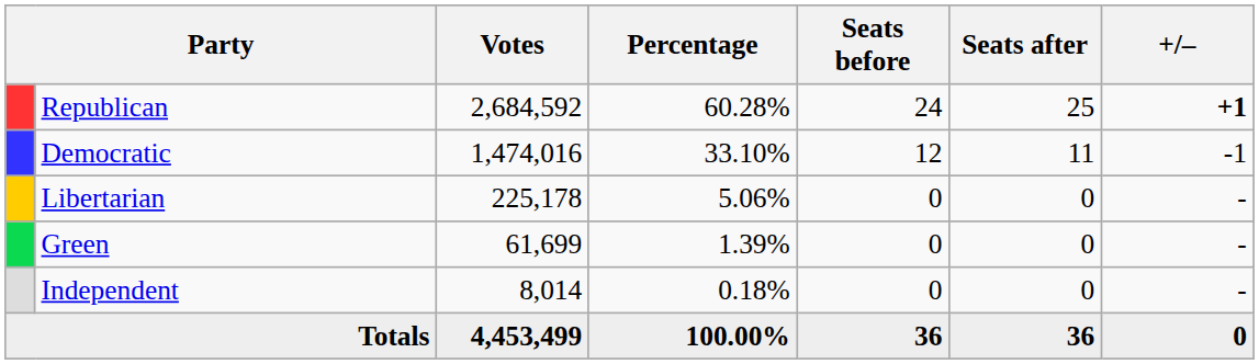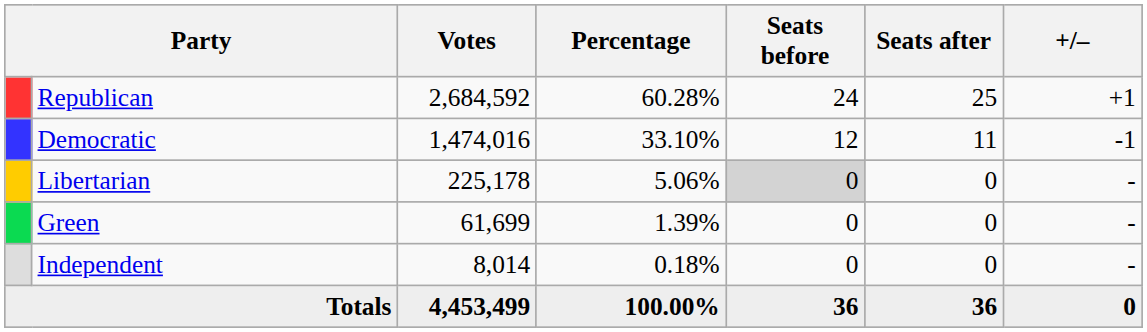 <table class="wikitable" style="font-size: 95%;">
 <tr>
 <th colspan=2 style="width: 15em">Party</th>
 <th style="width: 5em">Votes</th>
 <th style="width: 7em">Percentage</th>
 <th style="width: 5em">Seats before</th>
 <th style="width: 5em">Seats after</th>
 <th style="width: 5em">+/–</th>
 </tr>
 <tr>
 <th style="background:#f33; width:3px;"></th>
 <td style="width: 130px"><a href='#'>Republican</a></td>
 <td style="text-align:right;">2,684,592</td>
 <td style="text-align:right;">60.28%</td>
 <td style="text-align:right;">24</td>
 <td style="text-align:right;">25</td>
-<td style="text-align:right;"><strong>+1</strong></td>
+<td style="text-align:right;">+1</td>
 </tr>
 <tr>
 <th style="background:#33f; width:3px;"></th>
 <td style="width: 130px"><a href='#'>Democratic</a></td>
 <td style="text-align:right;">1,474,016</td>
 <td style="text-align:right;">33.10%</td>
 <td style="text-align:right;">12</td>
 <td style="text-align:right;">11</td>
 <td style="text-align:right;">-1</td>
 </tr>
 <tr>
 <th style="background:#fc0; width:3px;"></th>
 <td style="width: 130px"><a href='#'>Libertarian</a></td>
 <td style="text-align:right;">225,178</td>
 <td style="text-align:right;">5.06%</td>
-<td style="text-align:right;">0</td>
+<td style="background: lightgrey; text-align:right;">0</td>
 <td style="text-align:right;">0</td>
 <td style="text-align:right;">-</td>
 </tr>
 <tr>
 <th style="background:#0bda51; width:3px;"></th>
 <td style="width: 130px"><a href='#'>Green</a></td>
 <td style="text-align:right;">61,699</td>
 <td style="text-align:right;">1.39%</td>
 <td style="text-align:right;">0</td>
 <td style="text-align:right;">0</td>
 <td style="text-align:right;">-</td>
 </tr>
 <tr>
 <th style="background:#ddd; width:3px;"></th>
 <td style="width: 130px"><a href='#'>Independent</a></td>
 <td style="text-align:right;">8,014</td>
 <td style="text-align:right;">0.18%</td>
 <td style="text-align:right;">0</td>
 <td style="text-align:right;">0</td>
 <td style="text-align:right;">-</td>
 </tr>
 <tr style="background:#eee; text-align:right;">
 <td colspan="2"><strong>Totals</strong></td>
 <td><strong>4,453,499</strong></td>
 <td><strong>100.00%</strong></td>
 <td><strong>36</strong></td>
 <td><strong>36</strong></td>
 <td><strong>0</strong></td>
 </tr>
 </table>
